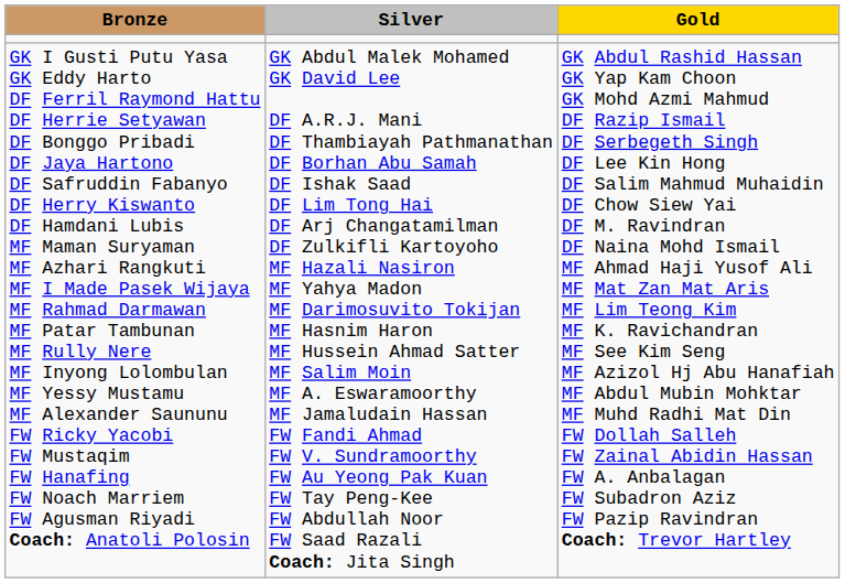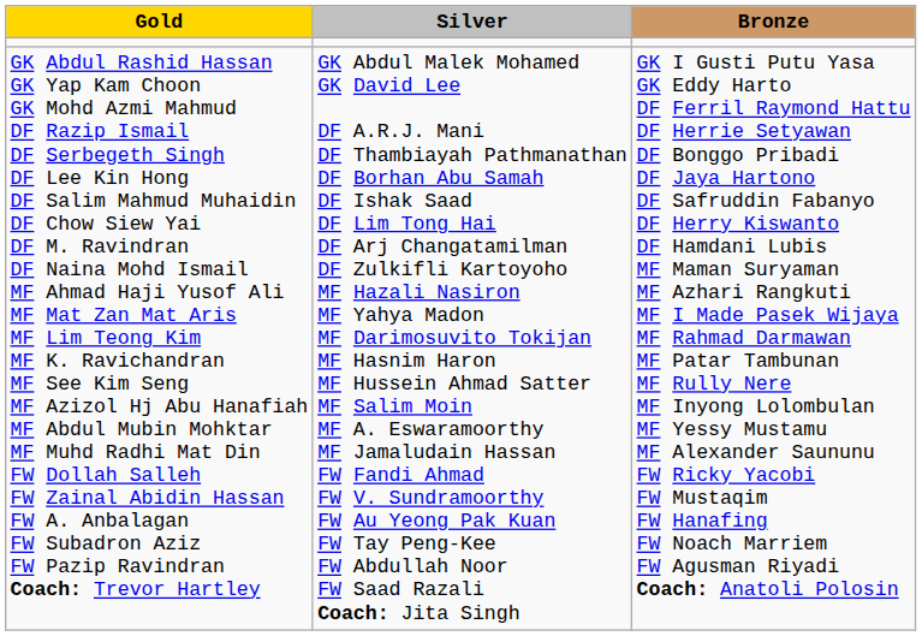 <table class="wikitable">
 <tr>
+<th style="background: gold">Gold</th>
+<th style="background: silver">Silver</th>
 <th style="background: #cc9966">Bronze</th>
-<th style="background: silver">Silver</th>
-<th style="background: gold">Gold</th>
 </tr>
 <tr>
 <td align="center"></td>
 <td align="center"></td>
 <td align="center"></td>
 </tr>
 <tr>
+<td valign="top"><a href='#'>GK</a> <a href='#'>Abdul Rashid Hassan</a><br><a href='#'>GK</a> Yap Kam Choon<br><a href='#'>GK</a> Mohd Azmi Mahmud<br><a href='#'>DF</a> <a href='#'>Razip Ismail</a><br><a href='#'>DF</a> <a href='#'>Serbegeth Singh</a><br><a href='#'>DF</a> Lee Kin Hong<br><a href='#'>DF</a> Salim Mahmud Muhaidin<br><a href='#'>DF</a> Chow Siew Yai<br><a href='#'>DF</a> M. Ravindran<br><a href='#'>DF</a> Naina Mohd Ismail<br><a href='#'>MF</a> Ahmad Haji Yusof Ali<br><a href='#'>MF</a> <a href='#'>Mat Zan Mat Aris</a><br><a href='#'>MF</a> <a href='#'>Lim Teong Kim</a><br><a href='#'>MF</a> K. Ravichandran<br><a href='#'>MF</a> See Kim Seng<br><a href='#'>MF</a> Azizol Hj Abu Hanafiah<br><a href='#'>MF</a> Abdul Mubin Mohktar<br><a href='#'>MF</a> Muhd Radhi Mat Din<br><a href='#'>FW</a> <a href='#'>Dollah Salleh</a><br><a href='#'>FW</a> <a href='#'>Zainal Abidin Hassan</a><br><a href='#'>FW</a> A. Anbalagan<br><a href='#'>FW</a> Subadron Aziz<br><a href='#'>FW</a> Pazip Ravindran<br><strong>Coach:</strong> <a href='#'>Trevor Hartley</a></td>
+<td valign="top"><a href='#'>GK</a> Abdul Malek Mohamed<br><a href='#'>GK</a> <a href='#'>David Lee</a><br><br><a href='#'>DF</a> A.R.J. Mani<br><a href='#'>DF</a> Thambiayah Pathmanathan<br><a href='#'>DF</a> <a href='#'>Borhan Abu Samah</a><br><a href='#'>DF</a> Ishak Saad<br><a href='#'>DF</a> <a href='#'>Lim Tong Hai</a><br><a href='#'>DF</a> Arj Changatamilman<br><a href='#'>DF</a> Zulkifli Kartoyoho<br><a href='#'>MF</a> <a href='#'>Hazali Nasiron</a><br><a href='#'>MF</a> Yahya Madon<br><a href='#'>MF</a> <a href='#'>Darimosuvito Tokijan</a><br><a href='#'>MF</a> Hasnim Haron<br><a href='#'>MF</a> Hussein Ahmad Satter<br><a href='#'>MF</a> <a href='#'>Salim Moin</a><br><a href='#'>MF</a> A. Eswaramoorthy<br><a href='#'>MF</a> Jamaludain Hassan<br><a href='#'>FW</a> <a href='#'>Fandi Ahmad</a><br><a href='#'>FW</a> <a href='#'>V. Sundramoorthy</a><br><a href='#'>FW</a> <a href='#'>Au Yeong Pak Kuan</a><br><a href='#'>FW</a> Tay Peng-Kee<br><a href='#'>FW</a> Abdullah Noor<br><a href='#'>FW</a> Saad Razali<br><strong>Coach:</strong> Jita Singh</td>
 <td valign="top"><a href='#'>GK</a> I Gusti Putu Yasa<br><a href='#'>GK</a> Eddy Harto<br><a href='#'>DF</a> <a href='#'>Ferril Raymond Hattu</a><br><a href='#'>DF</a> <a href='#'>Herrie Setyawan</a><br><a href='#'>DF</a> Bonggo Pribadi<br><a href='#'>DF</a> <a href='#'>Jaya Hartono</a><br><a href='#'>DF</a> Safruddin Fabanyo<br><a href='#'>DF</a> <a href='#'>Herry Kiswanto</a><br><a href='#'>DF</a> Hamdani Lubis<br><a href='#'>MF</a> Maman Suryaman<br><a href='#'>MF</a> Azhari Rangkuti<br><a href='#'>MF</a> <a href='#'>I Made Pasek Wijaya</a><br><a href='#'>MF</a> <a href='#'>Rahmad Darmawan</a><br><a href='#'>MF</a> Patar Tambunan<br><a href='#'>MF</a> <a href='#'>Rully Nere</a><br><a href='#'>MF</a> Inyong Lolombulan<br><a href='#'>MF</a> Yessy Mustamu<br><a href='#'>MF</a> Alexander Saununu<br><a href='#'>FW</a> <a href='#'>Ricky Yacobi</a><br><a href='#'>FW</a> Mustaqim<br><a href='#'>FW</a> <a href='#'>Hanafing</a><br><a href='#'>FW</a> Noach Marriem<br><a href='#'>FW</a> Agusman Riyadi<br><strong>Coach:</strong> <a href='#'>Anatoli Polosin</a></td>
-<td valign="top"><a href='#'>GK</a> Abdul Malek Mohamed<br><a href='#'>GK</a> <a href='#'>David Lee</a><br><br><a href='#'>DF</a> A.R.J. Mani<br><a href='#'>DF</a> Thambiayah Pathmanathan<br><a href='#'>DF</a> <a href='#'>Borhan Abu Samah</a><br><a href='#'>DF</a> Ishak Saad<br><a href='#'>DF</a> <a href='#'>Lim Tong Hai</a><br><a href='#'>DF</a> Arj Changatamilman<br><a href='#'>DF</a> Zulkifli Kartoyoho<br><a href='#'>MF</a> <a href='#'>Hazali Nasiron</a><br><a href='#'>MF</a> Yahya Madon<br><a href='#'>MF</a> <a href='#'>Darimosuvito Tokijan</a><br><a href='#'>MF</a> Hasnim Haron<br><a href='#'>MF</a> Hussein Ahmad Satter<br><a href='#'>MF</a> <a href='#'>Salim Moin</a><br><a href='#'>MF</a> A. Eswaramoorthy<br><a href='#'>MF</a> Jamaludain Hassan<br><a href='#'>FW</a> <a href='#'>Fandi Ahmad</a><br><a href='#'>FW</a> <a href='#'>V. Sundramoorthy</a><br><a href='#'>FW</a> <a href='#'>Au Yeong Pak Kuan</a><br><a href='#'>FW</a> Tay Peng-Kee<br><a href='#'>FW</a> Abdullah Noor<br><a href='#'>FW</a> Saad Razali<br><strong>Coach:</strong> Jita Singh</td>
-<td valign="top"><a href='#'>GK</a> <a href='#'>Abdul Rashid Hassan</a><br><a href='#'>GK</a> Yap Kam Choon<br><a href='#'>GK</a> Mohd Azmi Mahmud<br><a href='#'>DF</a> <a href='#'>Razip Ismail</a><br><a href='#'>DF</a> <a href='#'>Serbegeth Singh</a><br><a href='#'>DF</a> Lee Kin Hong<br><a href='#'>DF</a> Salim Mahmud Muhaidin<br><a href='#'>DF</a> Chow Siew Yai<br><a href='#'>DF</a> M. Ravindran<br><a href='#'>DF</a> Naina Mohd Ismail<br><a href='#'>MF</a> Ahmad Haji Yusof Ali<br><a href='#'>MF</a> <a href='#'>Mat Zan Mat Aris</a><br><a href='#'>MF</a> <a href='#'>Lim Teong Kim</a><br><a href='#'>MF</a> K. Ravichandran<br><a href='#'>MF</a> See Kim Seng<br><a href='#'>MF</a> Azizol Hj Abu Hanafiah<br><a href='#'>MF</a> Abdul Mubin Mohktar<br><a href='#'>MF</a> Muhd Radhi Mat Din<br><a href='#'>FW</a> <a href='#'>Dollah Salleh</a><br><a href='#'>FW</a> <a href='#'>Zainal Abidin Hassan</a><br><a href='#'>FW</a> A. Anbalagan<br><a href='#'>FW</a> Subadron Aziz<br><a href='#'>FW</a> Pazip Ravindran<br><strong>Coach:</strong> <a href='#'>Trevor Hartley</a></td>
 </tr>
 </table>
